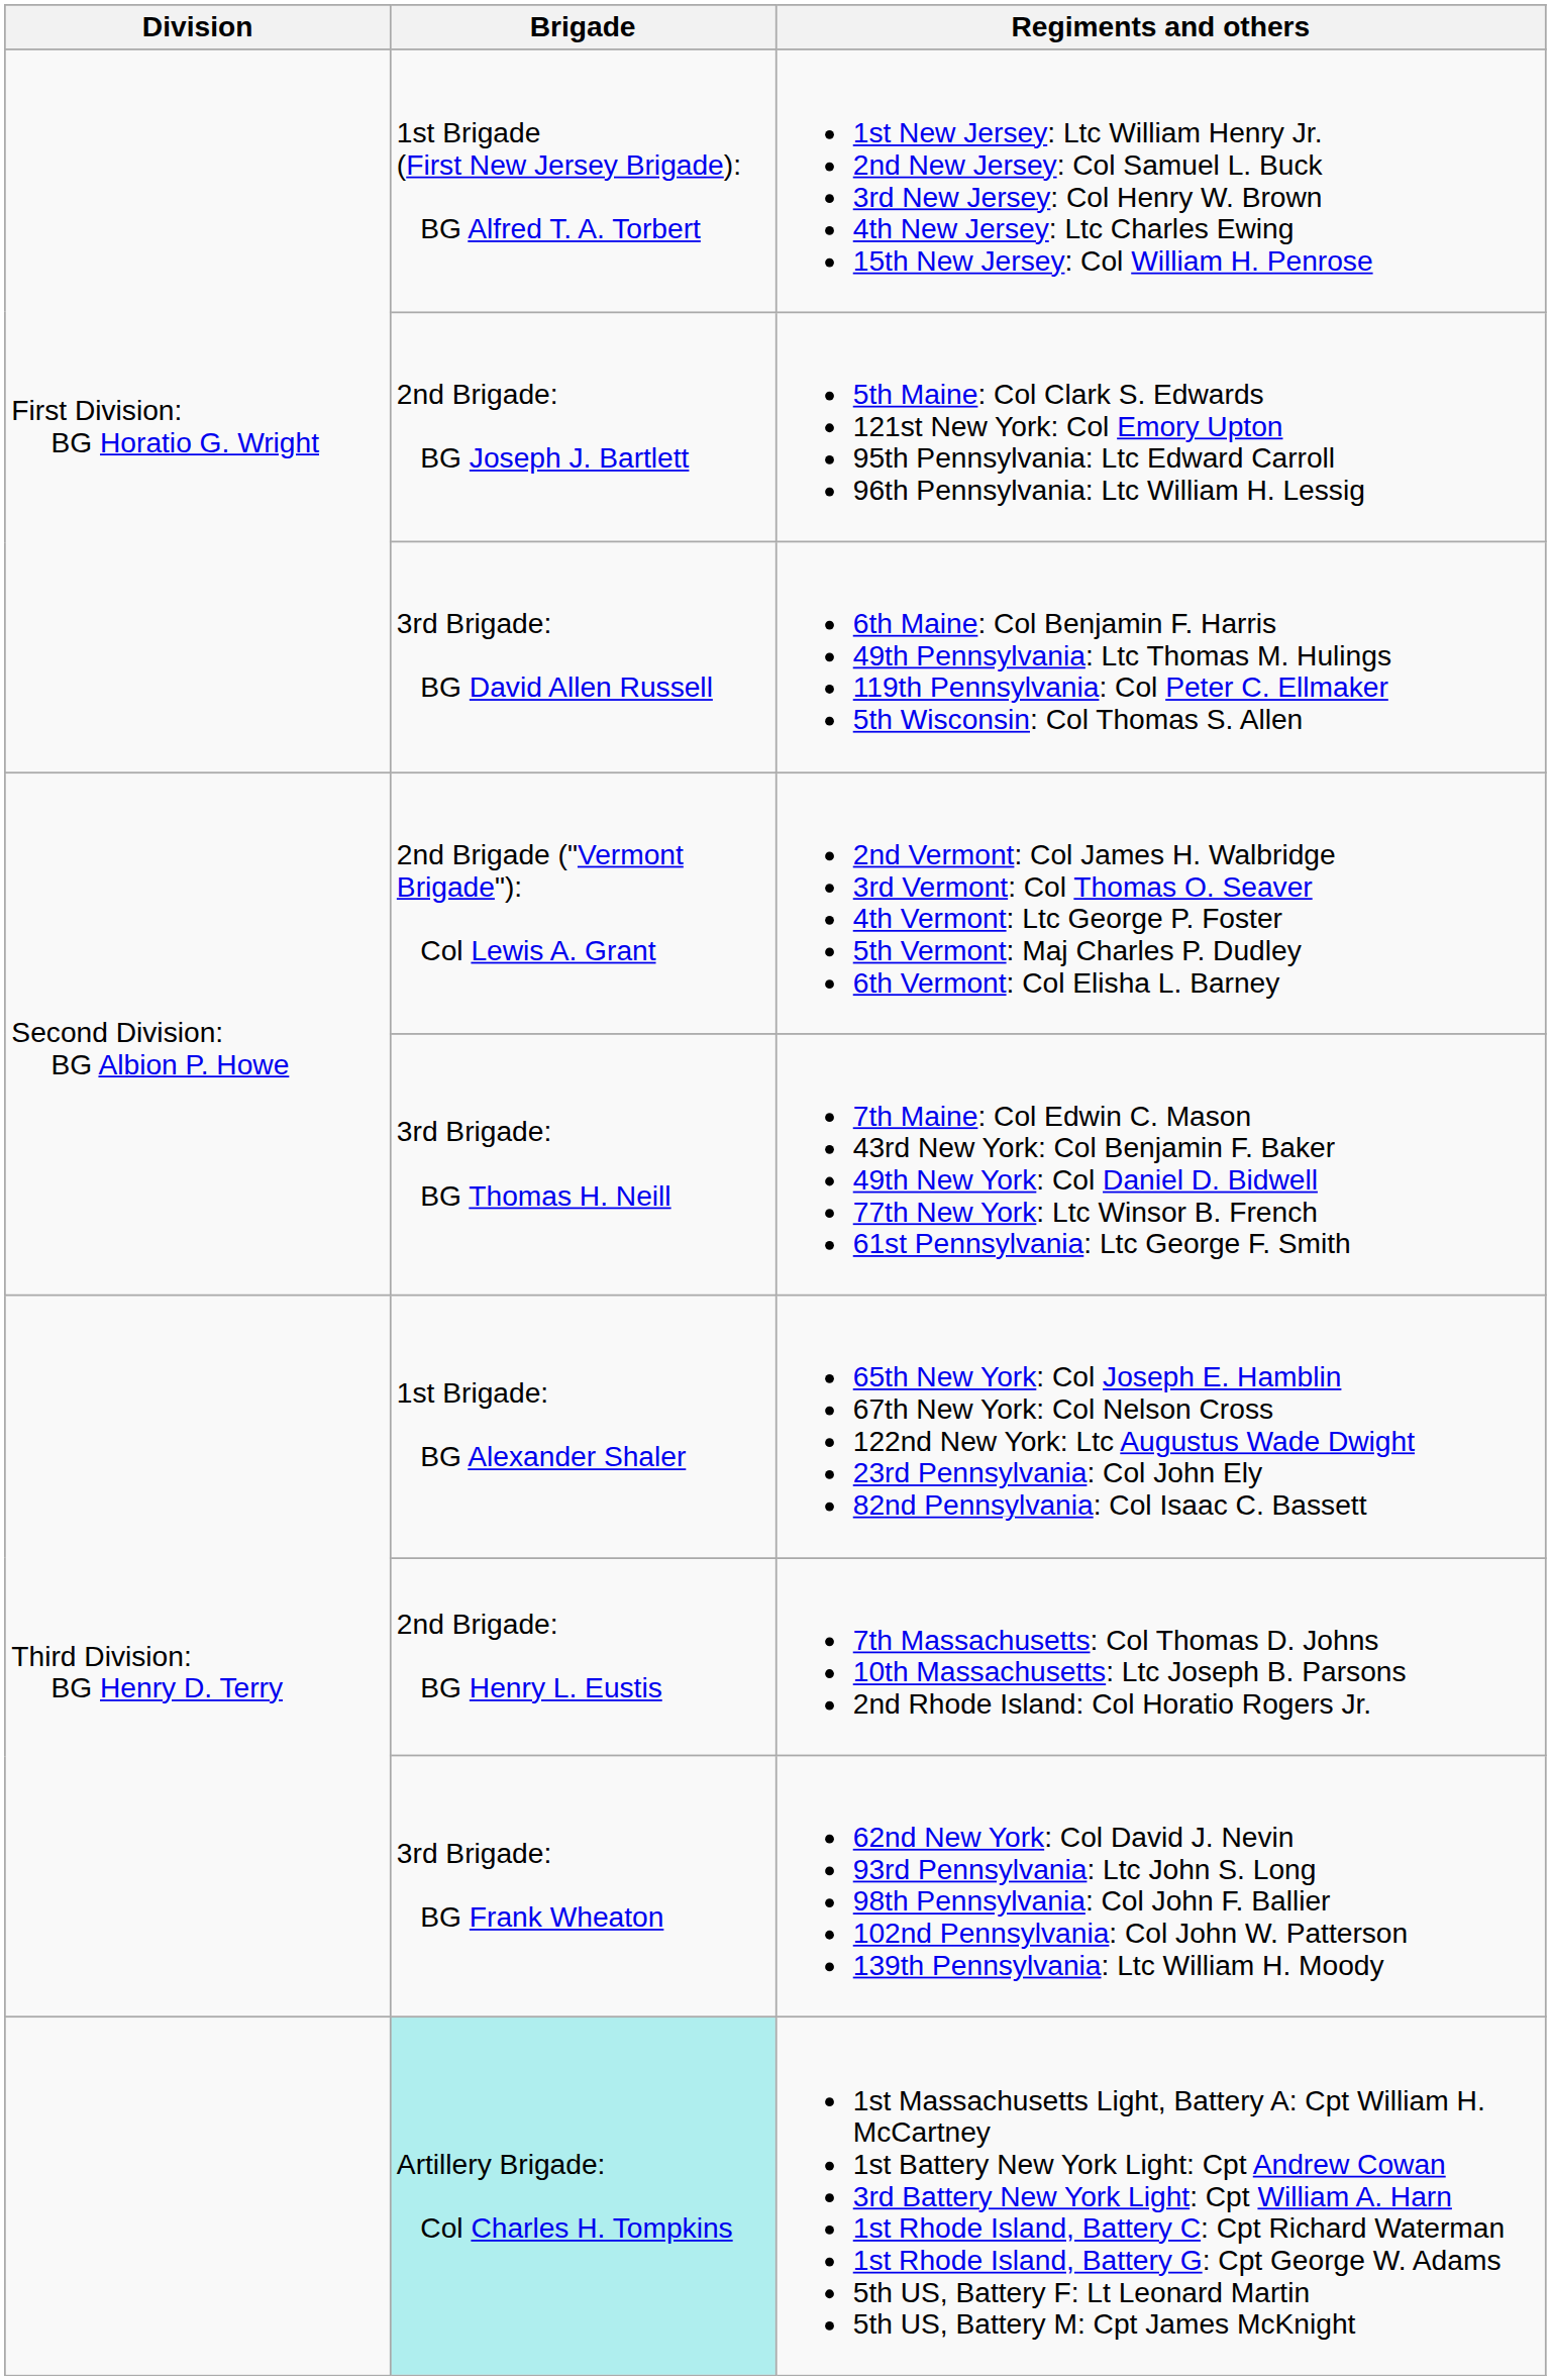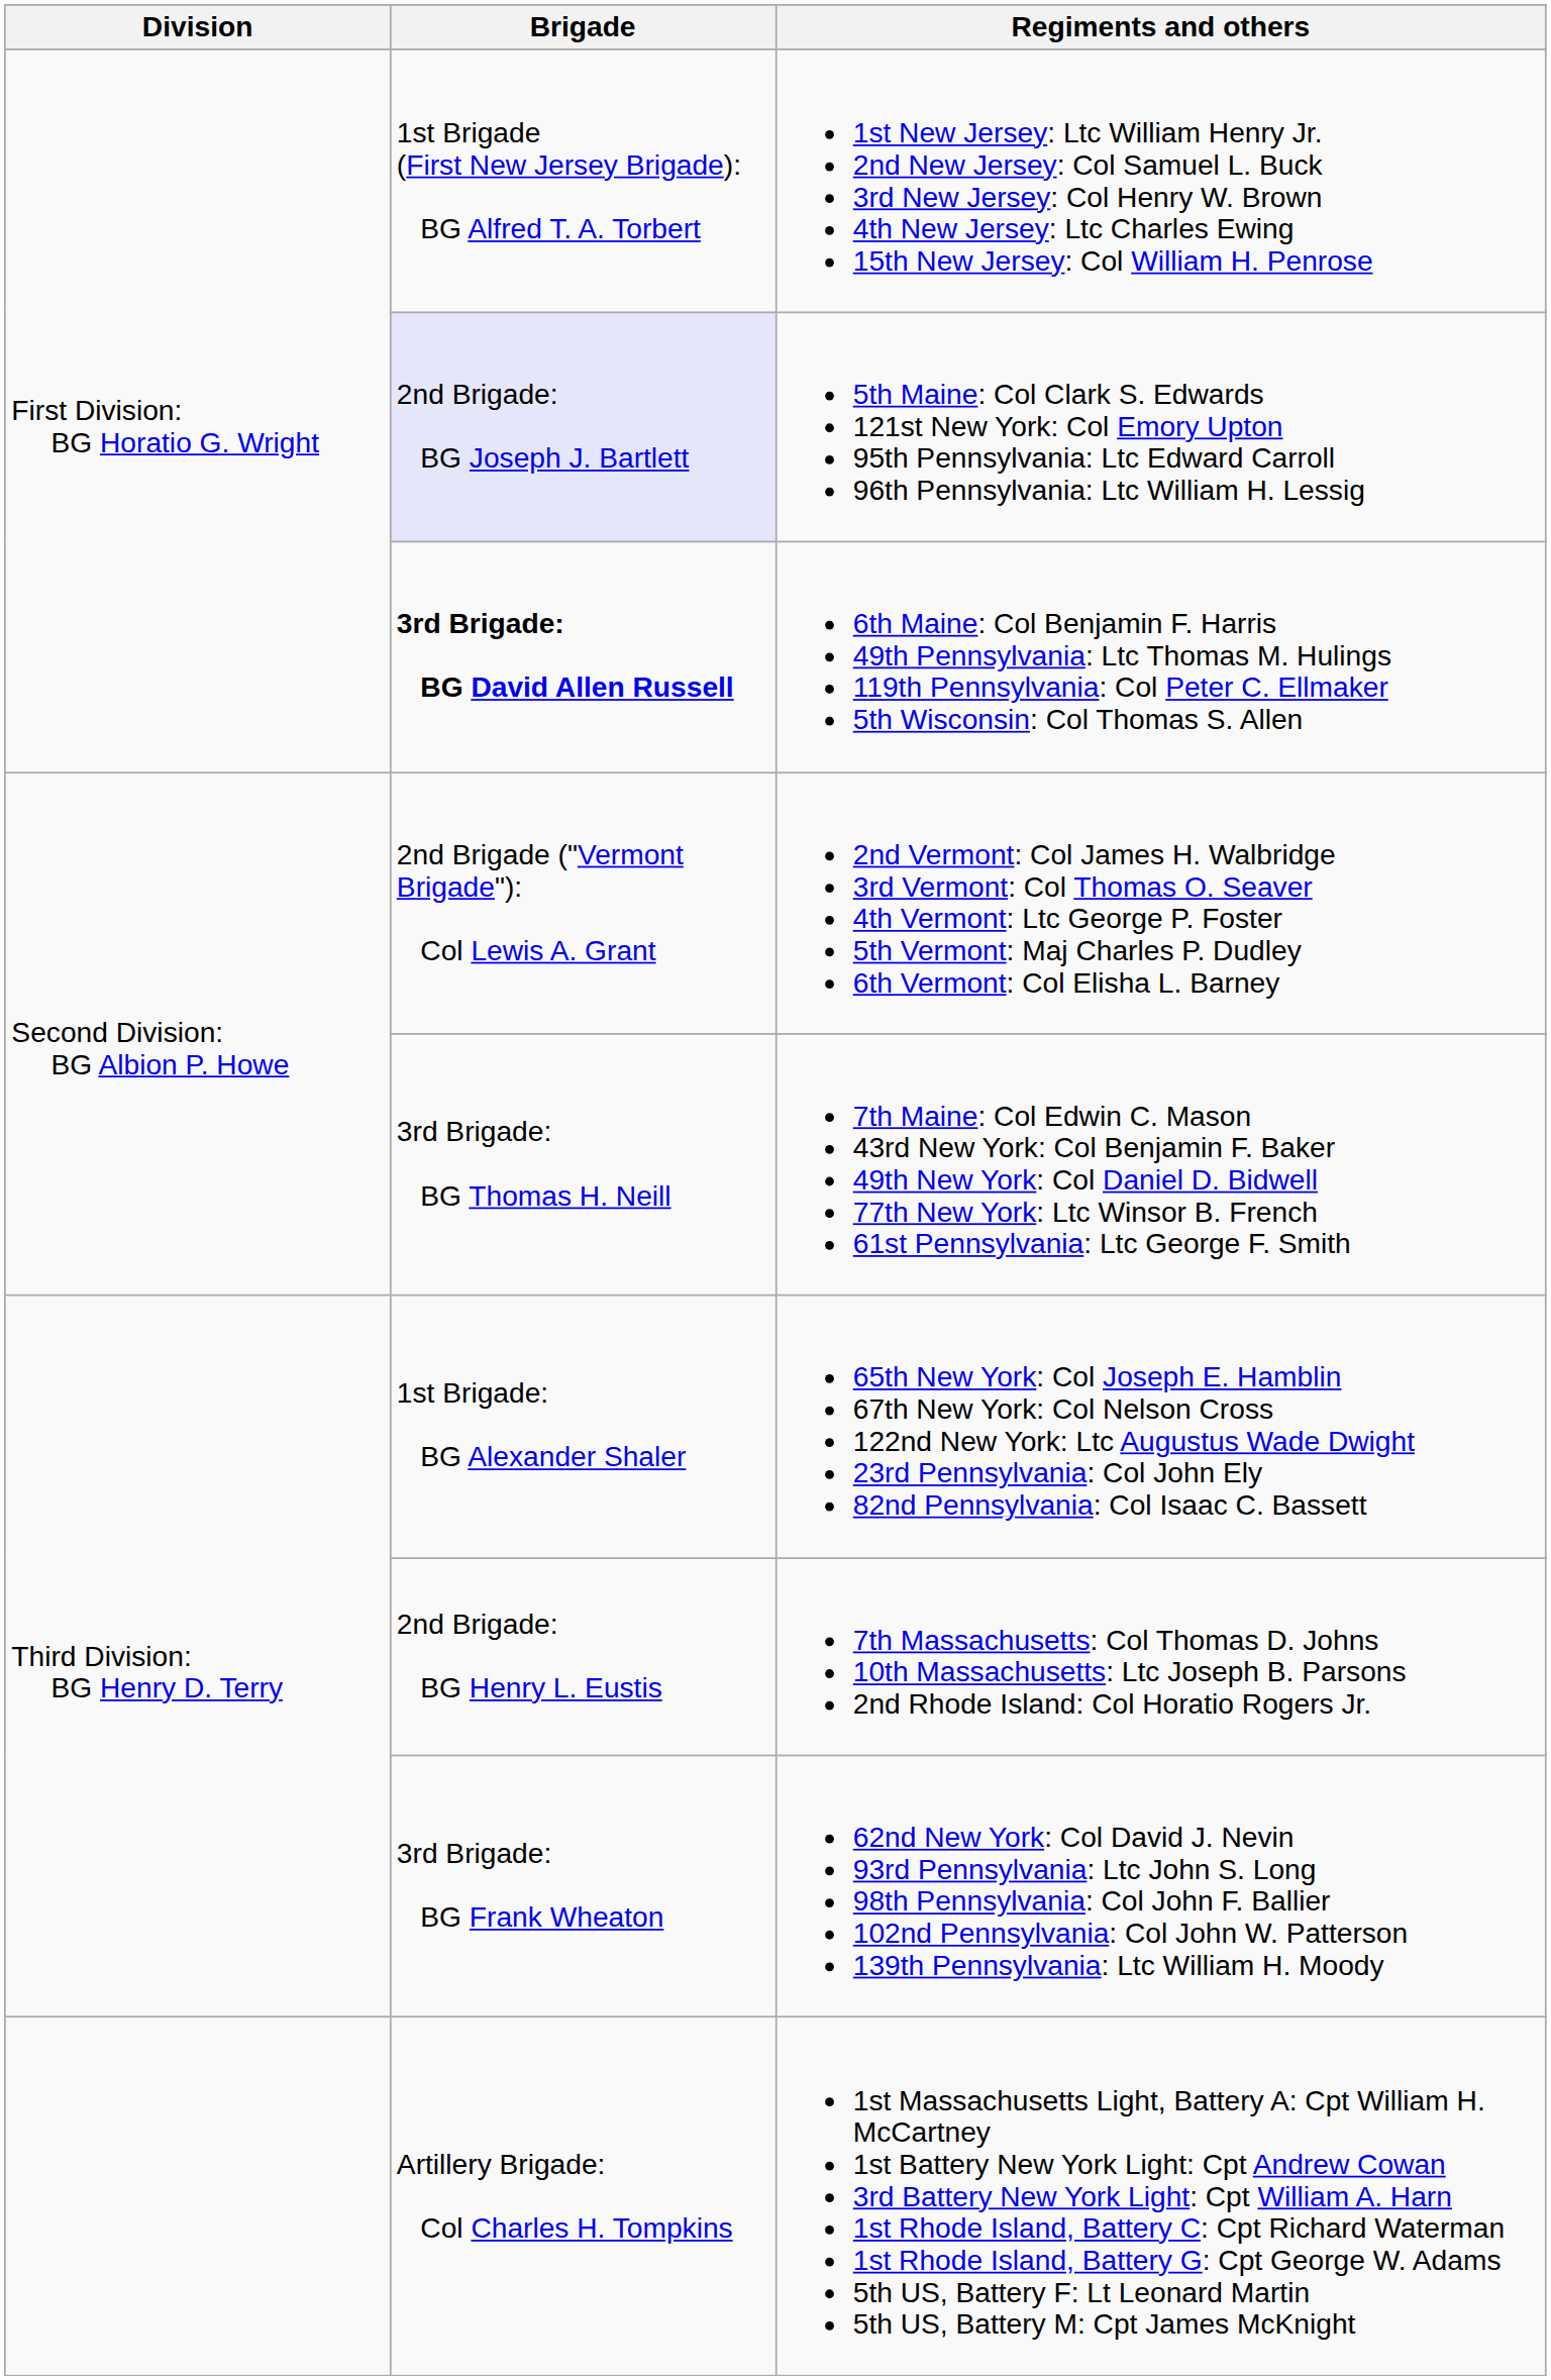 <table class="wikitable">
 <tr>
 <th width=25%>Division</th>
 <th width=25%>Brigade</th>
 <th>Regiments and others</th>
 </tr>
 <tr>
 <td rowspan=3><br>First Division: <br>     BG <a href='#'>Horatio G. Wright</a></td>
 <td>1st Brigade<br>(<a href='#'>First New Jersey Brigade</a>):<br><br>   BG <a href='#'>Alfred T. A. Torbert</a></td>
 <td><br><ul><li><a href='#'>1st New Jersey</a>: Ltc William Henry Jr.</li><li><a href='#'>2nd New Jersey</a>: Col Samuel L. Buck</li><li><a href='#'>3rd New Jersey</a>: Col Henry W. Brown</li><li><a href='#'>4th New Jersey</a>: Ltc Charles Ewing</li><li><a href='#'>15th New Jersey</a>: Col <a href='#'>William H. Penrose</a></li></ul></td>
 </tr>
 <tr>
-<td>2nd Brigade:<br><br>   BG <a href='#'>Joseph J. Bartlett</a></td>
+<td style="background: lavender;">2nd Brigade:<br><br>   BG <a href='#'>Joseph J. Bartlett</a></td>
 <td><br><ul><li><a href='#'>5th Maine</a>: Col Clark S. Edwards</li><li>121st New York: Col <a href='#'>Emory Upton</a></li><li>95th Pennsylvania: Ltc Edward Carroll</li><li>96th Pennsylvania: Ltc William H. Lessig</li></ul></td>
 </tr>
 <tr>
-<td>3rd Brigade:<br><br>   BG <a href='#'>David Allen Russell</a></td>
+<td><strong>3rd Brigade:<br><br>   BG <a href='#'>David Allen Russell</a></strong></td>
 <td><br><ul><li><a href='#'>6th Maine</a>: Col Benjamin F. Harris</li><li><a href='#'>49th Pennsylvania</a>: Ltc Thomas M. Hulings</li><li><a href='#'>119th Pennsylvania</a>: Col <a href='#'>Peter C. Ellmaker</a></li><li><a href='#'>5th Wisconsin</a>: Col Thomas S. Allen</li></ul></td>
 </tr>
 <tr>
 <td rowspan=2><br>Second Division: <br>     BG <a href='#'>Albion P. Howe</a></td>
 <td>2nd Brigade ("<a href='#'>Vermont Brigade</a>"):<br><br>   Col <a href='#'>Lewis A. Grant</a></td>
 <td><br><ul><li><a href='#'>2nd Vermont</a>: Col James H. Walbridge</li><li><a href='#'>3rd Vermont</a>: Col <a href='#'>Thomas O. Seaver</a></li><li><a href='#'>4th Vermont</a>: Ltc George P. Foster</li><li><a href='#'>5th Vermont</a>: Maj Charles P. Dudley</li><li><a href='#'>6th Vermont</a>: Col Elisha L. Barney</li></ul></td>
 </tr>
 <tr>
 <td>3rd Brigade:<br><br>   BG <a href='#'>Thomas H. Neill</a></td>
 <td><br><ul><li><a href='#'>7th Maine</a>: Col Edwin C. Mason</li><li>43rd New York: Col Benjamin F. Baker</li><li><a href='#'>49th New York</a>: Col <a href='#'>Daniel D. Bidwell</a></li><li><a href='#'>77th New York</a>: Ltc Winsor B. French</li><li><a href='#'>61st Pennsylvania</a>: Ltc George F. Smith</li></ul></td>
 </tr>
 <tr>
 <td rowspan=3><br>Third Division: <br>     BG <a href='#'>Henry D. Terry</a></td>
 <td>1st Brigade:<br><br>   BG <a href='#'>Alexander Shaler</a></td>
 <td><br><ul><li><a href='#'>65th New York</a>: Col <a href='#'>Joseph E. Hamblin</a></li><li>67th New York: Col Nelson Cross</li><li>122nd New York: Ltc <a href='#'>Augustus Wade Dwight</a></li><li><a href='#'>23rd Pennsylvania</a>: Col John Ely</li><li><a href='#'>82nd Pennsylvania</a>: Col Isaac C. Bassett</li></ul></td>
 </tr>
 <tr>
 <td>2nd Brigade:<br><br>   BG <a href='#'>Henry L. Eustis</a></td>
 <td><br><ul><li><a href='#'>7th Massachusetts</a>: Col Thomas D. Johns</li><li><a href='#'>10th Massachusetts</a>: Ltc Joseph B. Parsons</li><li>2nd Rhode Island: Col Horatio Rogers Jr.</li></ul></td>
 </tr>
 <tr>
 <td>3rd Brigade:<br><br>   BG <a href='#'>Frank Wheaton</a></td>
 <td><br><ul><li><a href='#'>62nd New York</a>: Col David J. Nevin</li><li><a href='#'>93rd Pennsylvania</a>: Ltc John S. Long</li><li><a href='#'>98th Pennsylvania</a>: Col John F. Ballier</li><li><a href='#'>102nd Pennsylvania</a>: Col John W. Patterson</li><li><a href='#'>139th Pennsylvania</a>: Ltc William H. Moody</li></ul></td>
 </tr>
 <tr>
 <td></td>
-<td style="background: paleturquoise;">Artillery Brigade:<br><br>   Col <a href='#'>Charles H. Tompkins</a></td>
+<td>Artillery Brigade:<br><br>   Col <a href='#'>Charles H. Tompkins</a></td>
 <td><br><ul><li>1st Massachusetts Light, Battery A: Cpt William H. McCartney</li><li>1st Battery New York Light: Cpt <a href='#'>Andrew Cowan</a></li><li><a href='#'>3rd Battery New York Light</a>: Cpt <a href='#'>William A. Harn</a></li><li><a href='#'>1st Rhode Island, Battery C</a>: Cpt Richard Waterman</li><li><a href='#'>1st Rhode Island, Battery G</a>: Cpt George W. Adams</li><li>5th US, Battery F: Lt Leonard Martin</li><li>5th US, Battery M: Cpt James McKnight</li></ul></td>
 </tr>
 </table>
